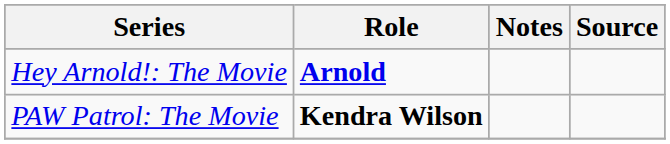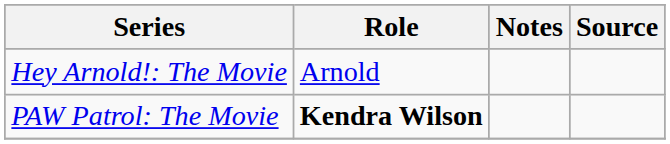 <table class="wikitable sortable plainrowheaders">
 <tr>
 <th>Series</th>
 <th>Role</th>
 <th class="unsortable">Notes</th>
 <th class="unsortable">Source</th>
 </tr>
 <tr>
 <td><em><a href='#'>Hey Arnold!: The Movie</a></em></td>
-<td><strong><a href='#'>Arnold</a></strong></td>
+<td><a href='#'>Arnold</a></td>
 <td></td>
 <td></td>
 </tr>
 <tr>
 <td><em><a href='#'>PAW Patrol: The Movie</a></em></td>
 <td><strong>Kendra Wilson</strong></td>
 <td></td>
 <td></td>
 </tr>
 <tr>
 </tr>
 </table>
